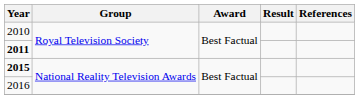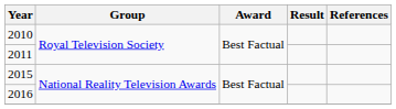 <table class="wikitable">
 <tr>
 <th>Year</th>
 <th>Group</th>
 <th>Award</th>
 <th>Result</th>
 <th>References</th>
 </tr>
 <tr>
 <td>2010</td>
 <td rowspan=2><a href='#'>Royal Television Society</a></td>
 <td rowspan=2>Best Factual</td>
 <td></td>
 <td></td>
 </tr>
 <tr>
-<td><strong>2011</strong></td>
+<td>2011</td>
 <td></td>
 <td></td>
 </tr>
 <tr>
-<td><strong>2015</strong></td>
+<td>2015</td>
 <td rowspan=2><a href='#'>National Reality Television Awards</a></td>
 <td rowspan=2>Best Factual</td>
 <td></td>
 <td></td>
 </tr>
 <tr>
 <td>2016</td>
 <td></td>
 <td></td>
 </tr>
 <tr>
 </tr>
 </table>
